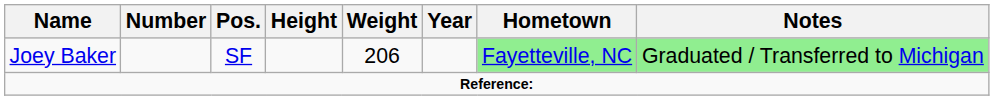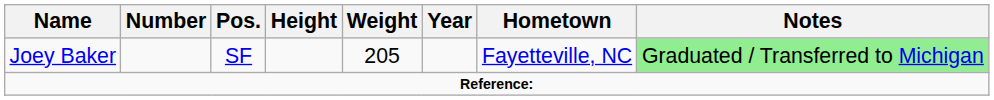 <table class="wikitable sortable" style="text-align: center">
 <tr align=center>
 <th>Name</th>
 <th>Number</th>
 <th>Pos.</th>
 <th>Height</th>
 <th>Weight</th>
 <th>Year</th>
 <th>Hometown</th>
 <th>Notes</th>
 </tr>
 <tr>
 <td><a href='#'>Joey Baker</a></td>
 <td></td>
 <td><a href='#'>SF</a></td>
 <td></td>
-<td>206</td>
+<td>205</td>
 <td></td>
-<td style="background: lightgreen;"><a href='#'>Fayetteville, NC</a></td>
+<td><a href='#'>Fayetteville, NC</a></td>
 <td style="background: lightgreen;">Graduated / Transferred to <a href='#'>Michigan</a></td>
 </tr>
 <tr>
 <td colspan="8" style="font-size:8pt; text-align:center;"><strong>Reference:</strong></td>
 </tr>
 </table>
